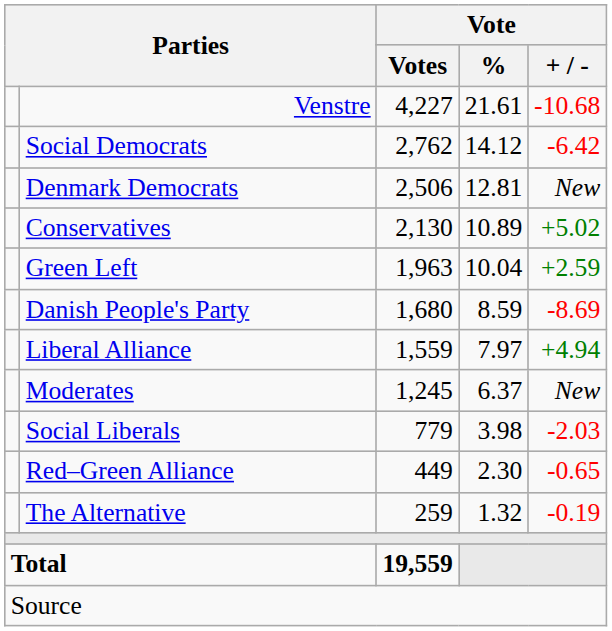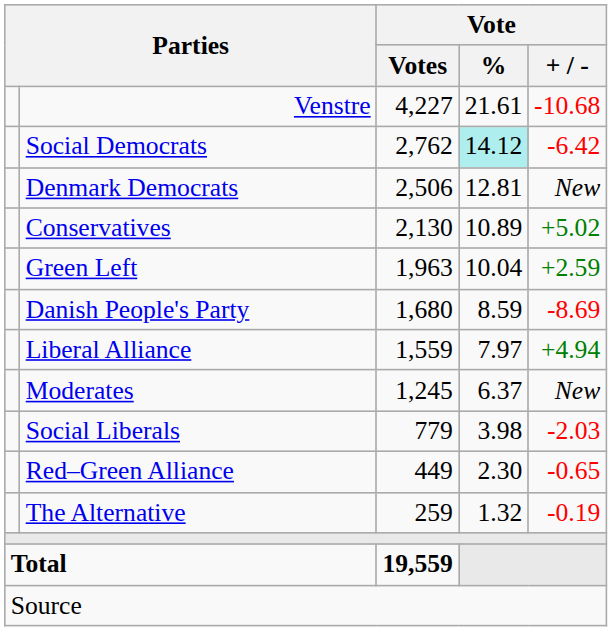 <table class="wikitable" style="text-align:right;">
 <tr>
 <th style="text-align:centre;" rowspan="2" colspan="2" width="225">Parties</th>
 <th colspan="3">Vote</th>
 </tr>
 <tr>
 <th width="15">Votes</th>
 <th width="15">%</th>
 <th width="15">+ / -</th>
 </tr>
 <tr>
 <td width=2 bgcolor=></td>
 <td><a href='#'>Venstre</a></td>
 <td>4,227</td>
 <td>21.61</td>
 <td style=color:red;>-10.68</td>
 </tr>
 <tr>
 <td width=2 bgcolor=></td>
 <td align=left><a href='#'>Social Democrats</a></td>
 <td>2,762</td>
-<td>14.12</td>
+<td style="background: paleturquoise;">14.12</td>
 <td style=color:red;>-6.42</td>
 </tr>
 <tr>
 <td width=2 bgcolor=></td>
 <td align=left><a href='#'>Denmark Democrats</a></td>
 <td>2,506</td>
 <td>12.81</td>
 <td><em>New</em></td>
 </tr>
 <tr>
 <td width=2 bgcolor=></td>
 <td align=left><a href='#'>Conservatives</a></td>
 <td>2,130</td>
 <td>10.89</td>
 <td style=color:green;>+5.02</td>
 </tr>
 <tr>
 <td width=2 bgcolor=></td>
 <td align=left><a href='#'>Green Left</a></td>
 <td>1,963</td>
 <td>10.04</td>
 <td style=color:green;>+2.59</td>
 </tr>
 <tr>
 <td width=2 bgcolor=></td>
 <td align=left><a href='#'>Danish People's Party</a></td>
 <td>1,680</td>
 <td>8.59</td>
 <td style=color:red;>-8.69</td>
 </tr>
 <tr>
 <td width=2 bgcolor=></td>
 <td align=left><a href='#'>Liberal Alliance</a></td>
 <td>1,559</td>
 <td>7.97</td>
 <td style=color:green;>+4.94</td>
 </tr>
 <tr>
 <td width=2 bgcolor=></td>
 <td align=left><a href='#'>Moderates</a></td>
 <td>1,245</td>
 <td>6.37</td>
 <td><em>New</em></td>
 </tr>
 <tr>
 <td width=2 bgcolor=></td>
 <td align=left><a href='#'>Social Liberals</a></td>
 <td>779</td>
 <td>3.98</td>
 <td style=color:red;>-2.03</td>
 </tr>
 <tr>
 <td width=2 bgcolor=></td>
 <td align=left><a href='#'>Red–Green Alliance</a></td>
 <td>449</td>
 <td>2.30</td>
 <td style=color:red;>-0.65</td>
 </tr>
 <tr>
 <td width=2 bgcolor=></td>
 <td align=left><a href='#'>The Alternative</a></td>
 <td>259</td>
 <td>1.32</td>
 <td style=color:red;>-0.19</td>
 </tr>
 <tr>
 <td colspan="7" bgcolor="#E9E9E9"></td>
 </tr>
 <tr>
 <td align="left" colspan="2"><strong>Total</strong></td>
 <td><strong>19,559</strong></td>
 <td bgcolor=#E9E9E9 colspan=2></td>
 </tr>
 <tr>
 <td align="left" colspan="6">Source</td>
 </tr>
 </table>
